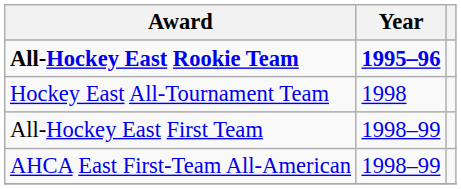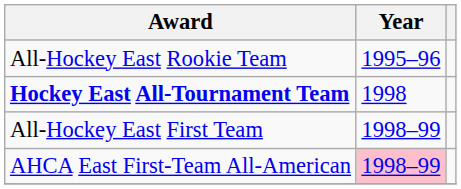 <table class="wikitable">
 <tr>
 <th>Award</th>
 <th>Year</th>
 <th></th>
 </tr>
 <tr>
-<td><strong>All-<a href='#'>Hockey East</a> <a href='#'>Rookie Team</a></strong></td>
-<td><strong><a href='#'>1995–96</a></strong></td>
+<td>All-<a href='#'>Hockey East</a> <a href='#'>Rookie Team</a></td>
+<td><a href='#'>1995–96</a></td>
 <td></td>
 </tr>
 <tr>
-<td><a href='#'>Hockey East</a> <a href='#'>All-Tournament Team</a></td>
+<td><strong><a href='#'>Hockey East</a> <a href='#'>All-Tournament Team</a></strong></td>
 <td><a href='#'>1998</a></td>
 <td></td>
 </tr>
 <tr>
 <td>All-<a href='#'>Hockey East</a> <a href='#'>First Team</a></td>
 <td><a href='#'>1998–99</a></td>
 <td></td>
 </tr>
 <tr>
 <td><a href='#'>AHCA</a> <a href='#'>East First-Team All-American</a></td>
-<td><a href='#'>1998–99</a></td>
+<td style="background: pink;"><a href='#'>1998–99</a></td>
 <td></td>
 </tr>
 <tr>
 </tr>
 </table>
